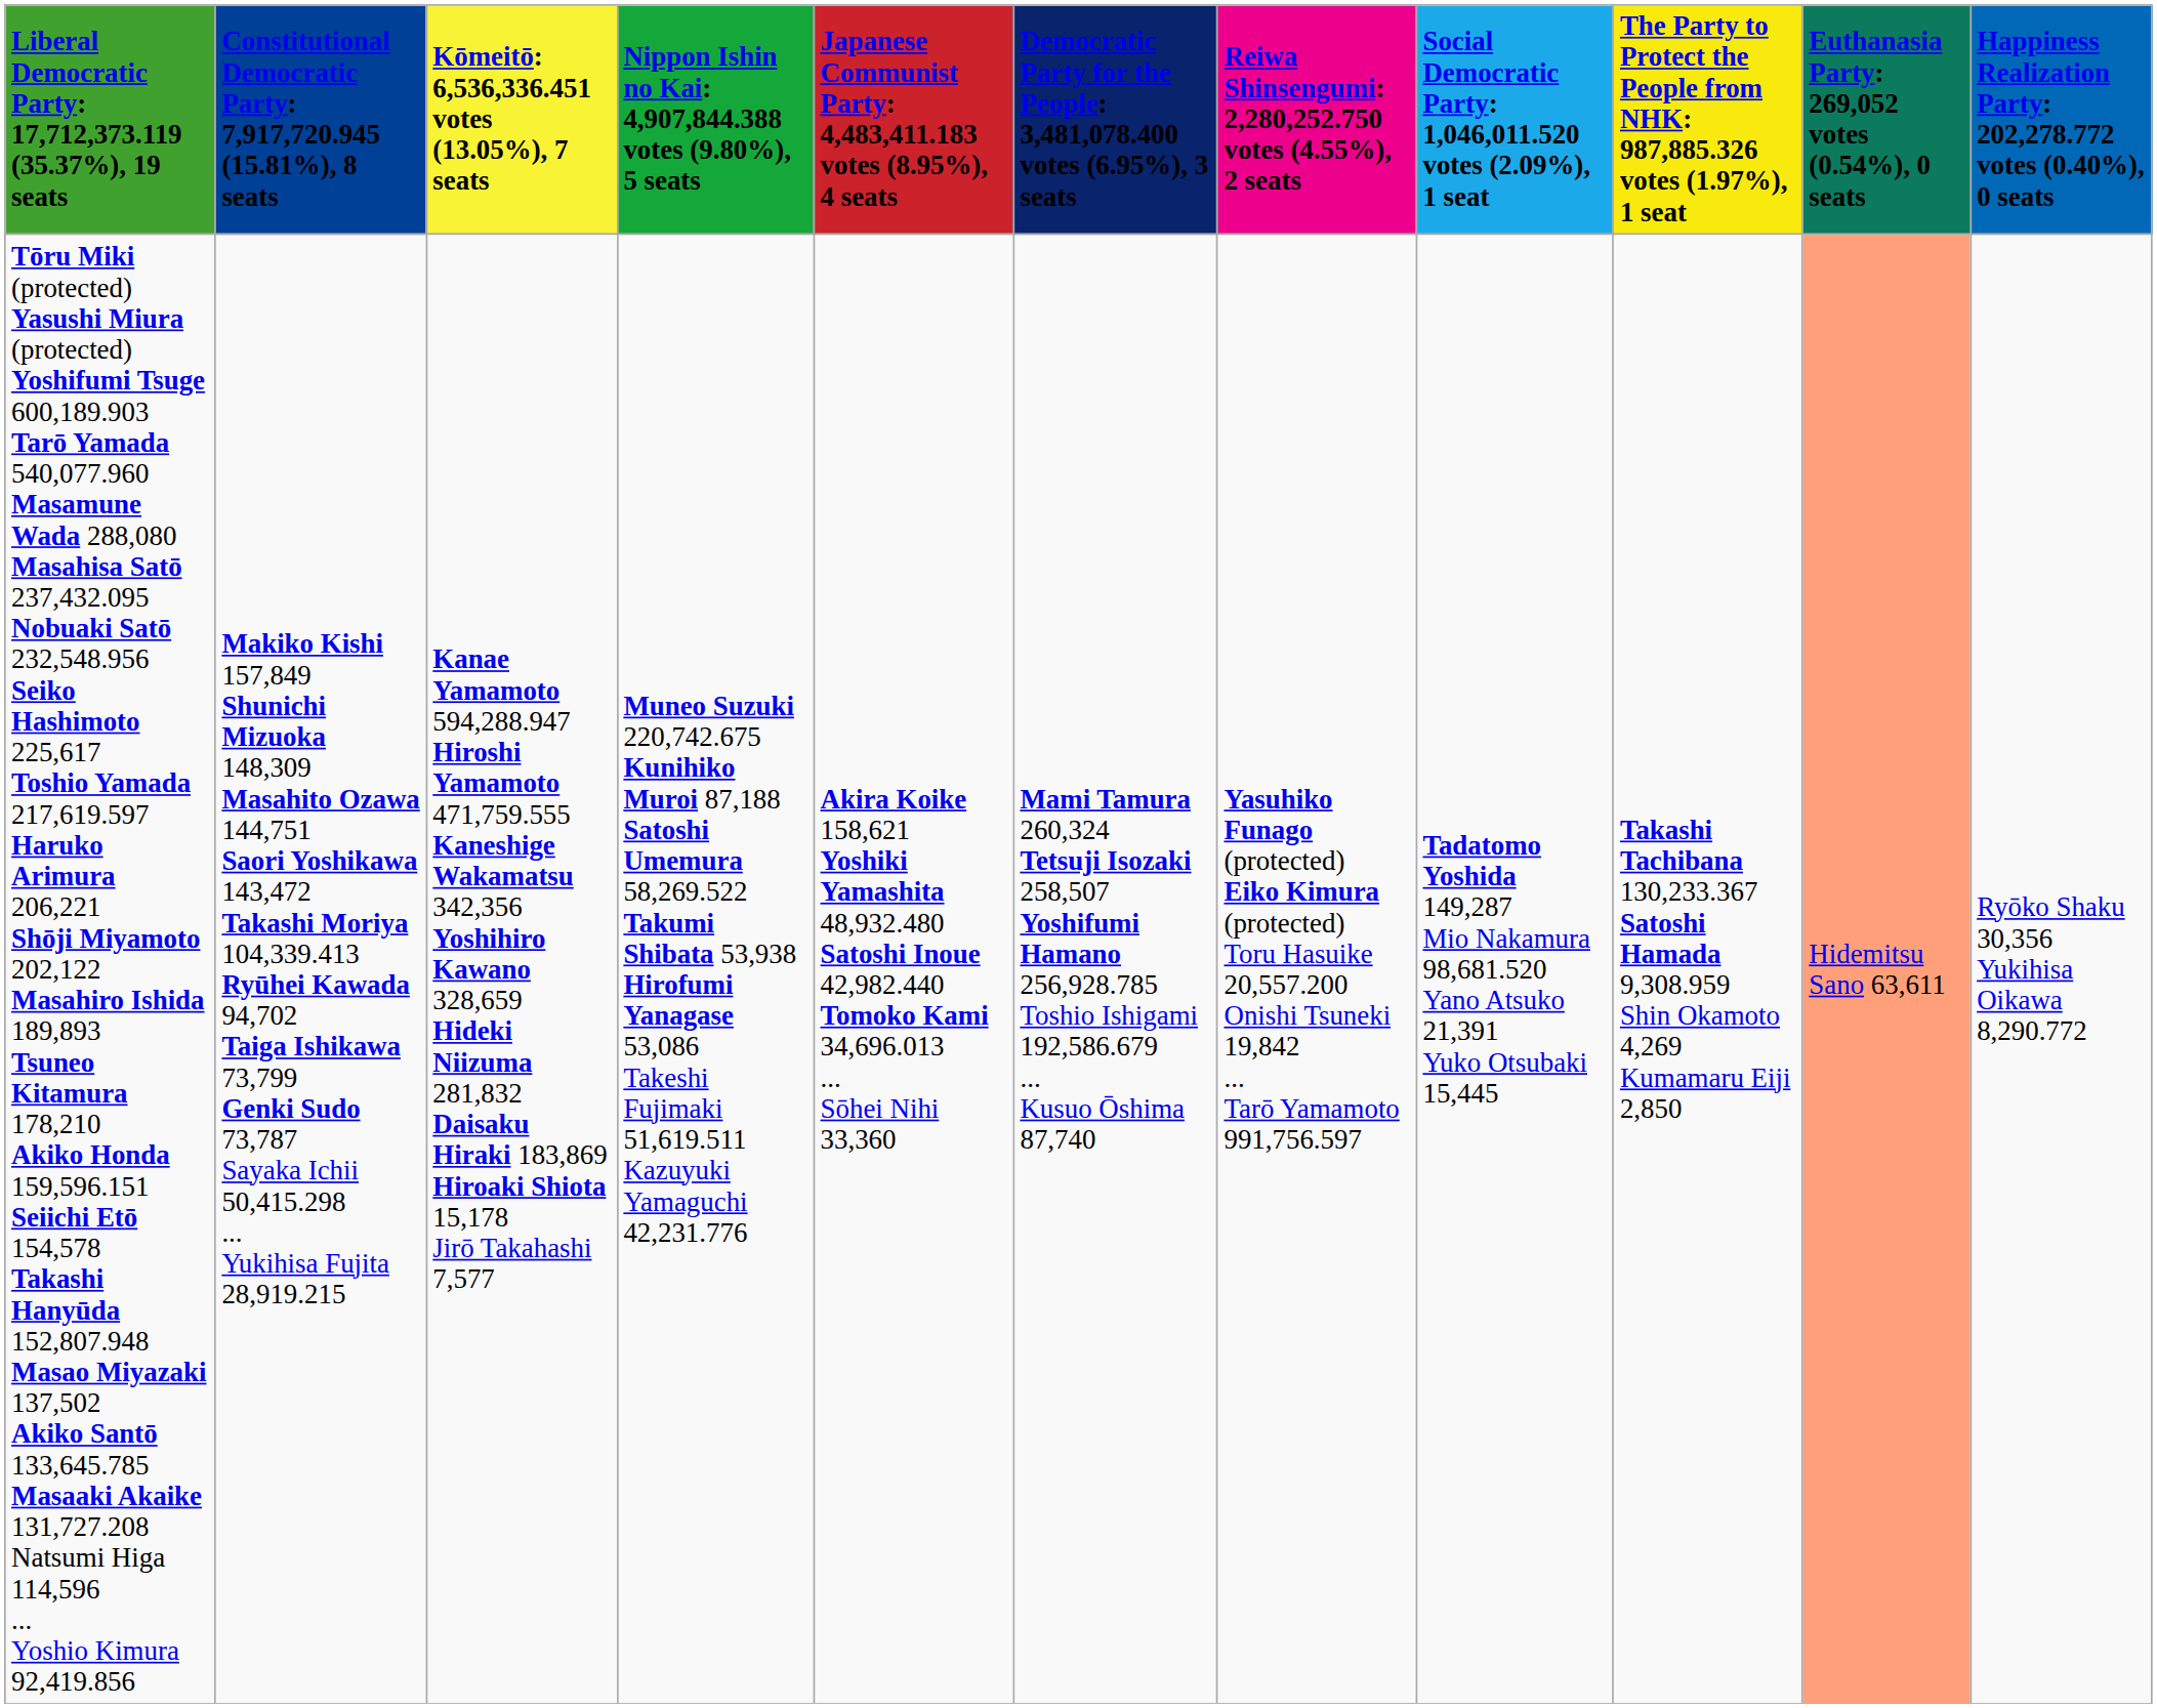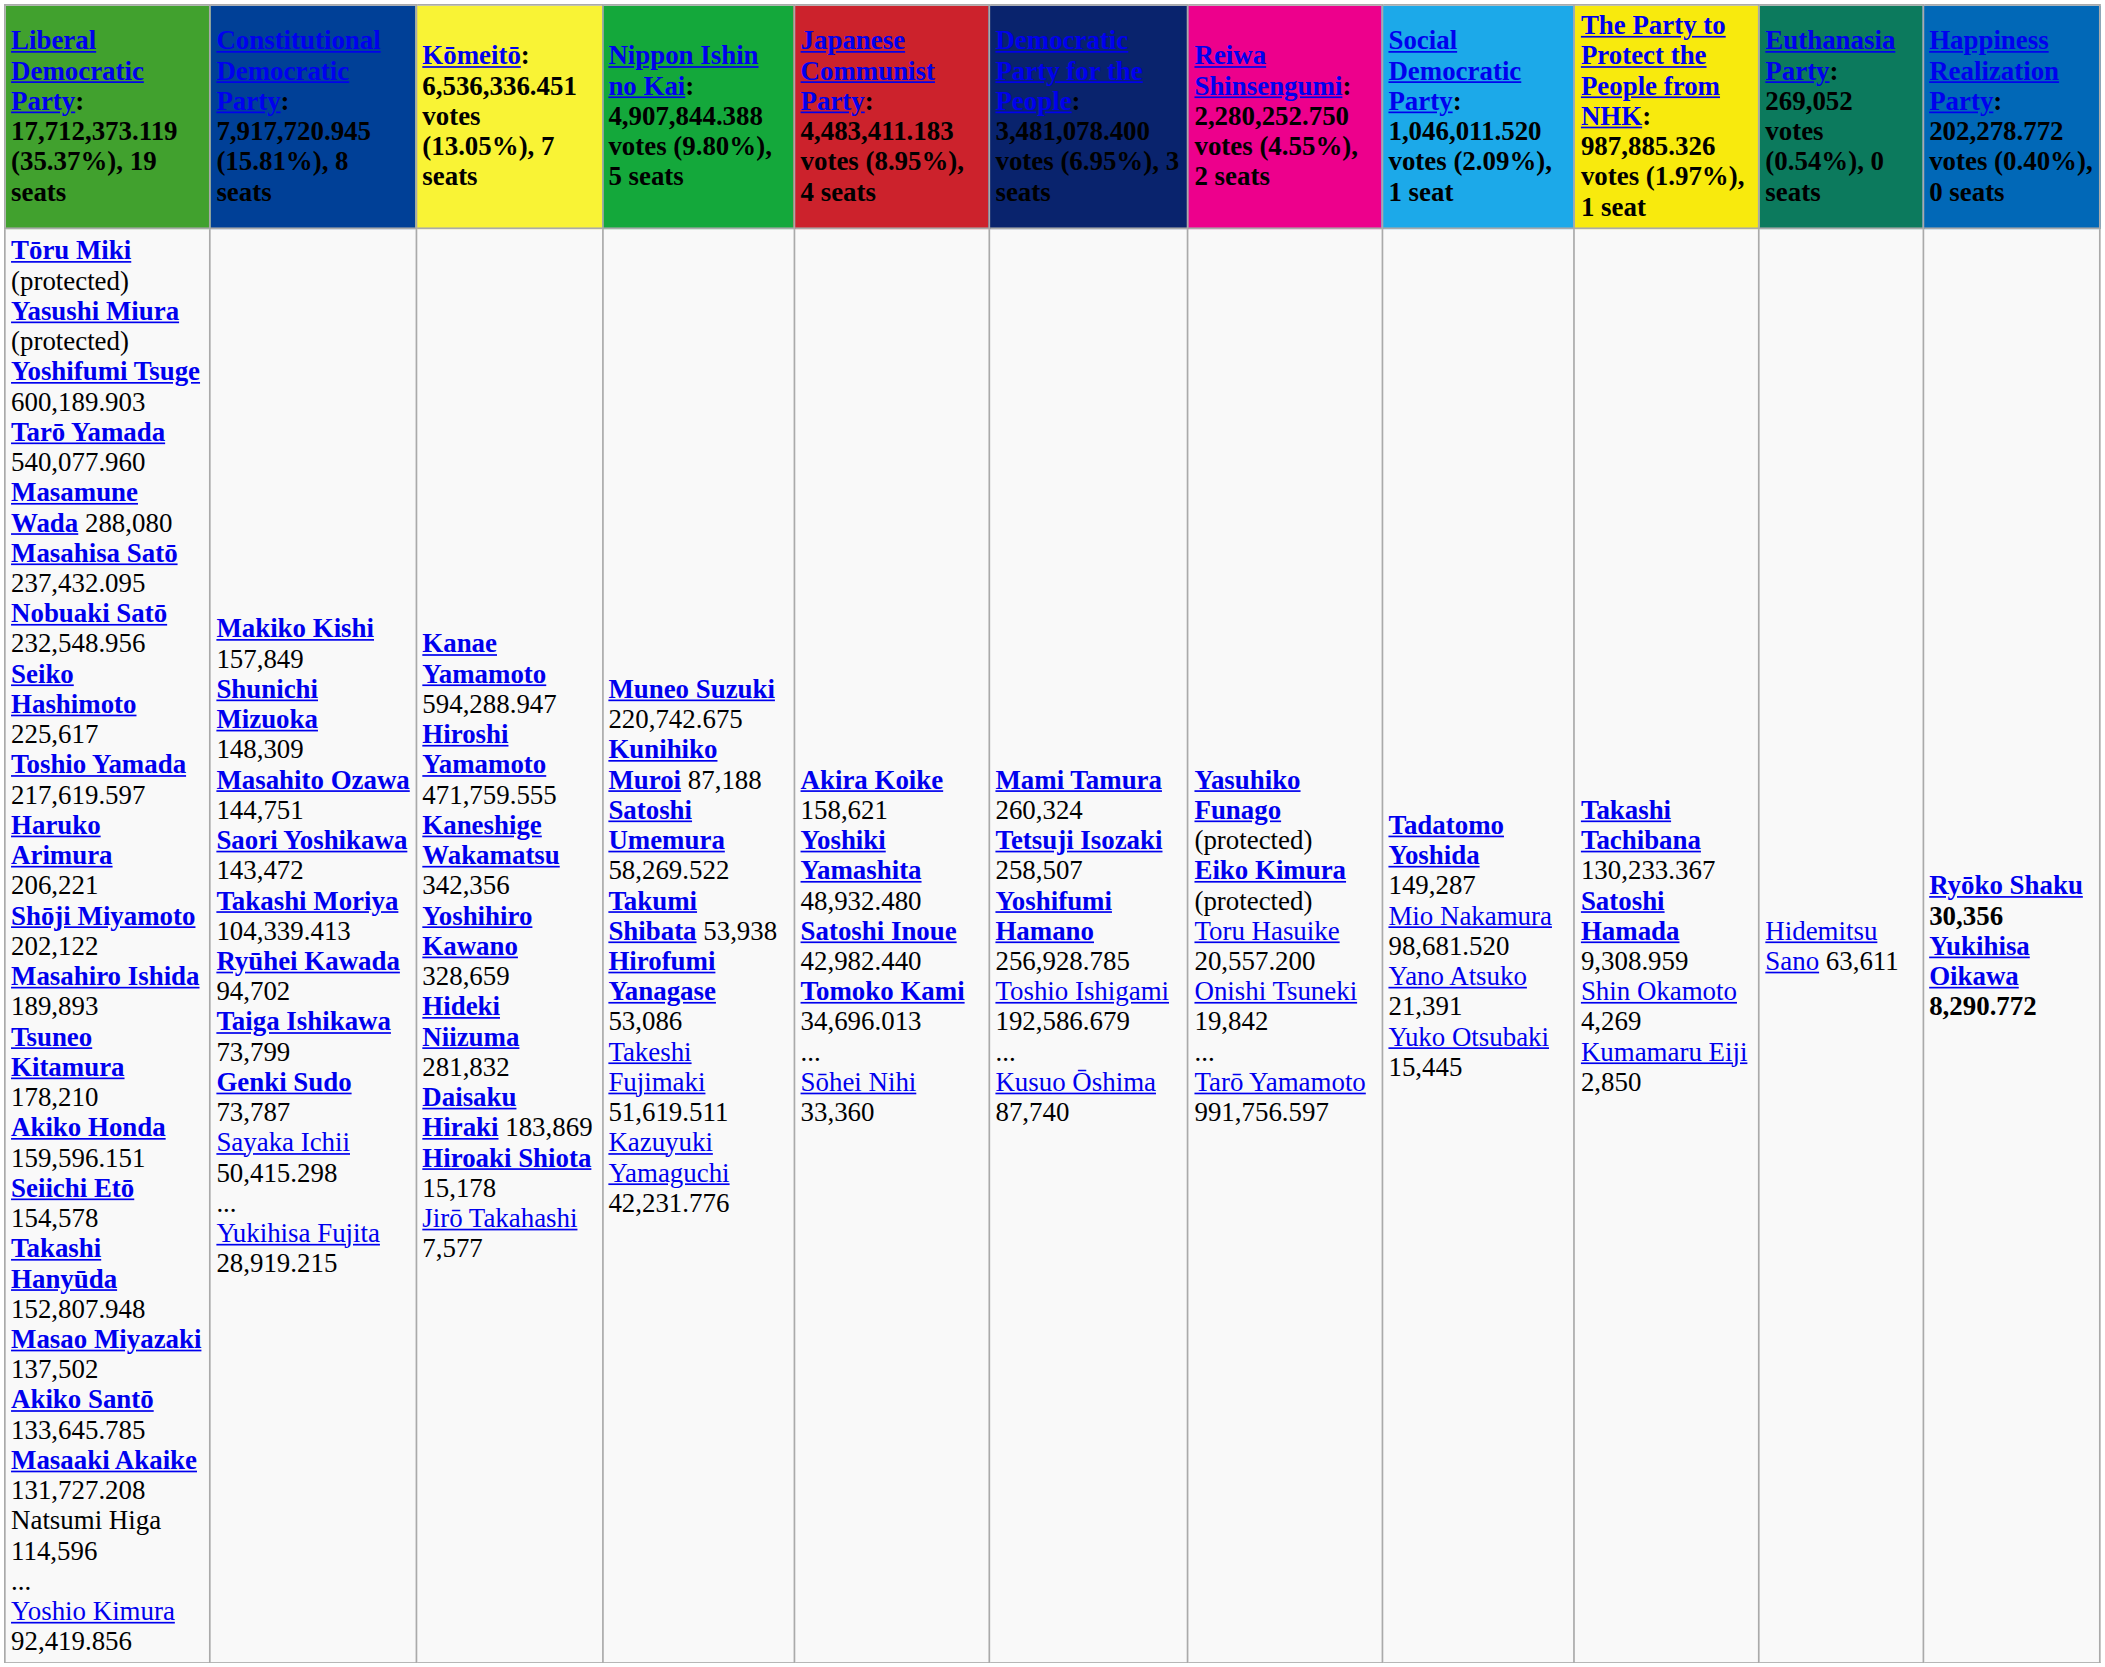 <table class="wikitable">
 <tr>
 <td colspan="1" bgcolor="#41A12E"><strong><a href='#'>Liberal Democratic Party</a>: 17,712,373.119 (35.37%), 19 seats</strong></td>
 <td colspan="1" bgcolor="#004097"><strong><a href='#'>Constitutional Democratic Party</a>: 7,917,720.945 (15.81%), 8 seats</strong></td>
 <td colspan="1" bgcolor="#F9F335"><strong><a href='#'>Kōmeitō</a>: 6,536,336.451 votes (13.05%), 7 seats</strong></td>
 <td colspan="1" bgcolor="#14A83B"><strong><a href='#'>Nippon Ishin no Kai</a>: 4,907,844.388 votes (9.80%), 5 seats</strong></td>
 <td colspan="1" bgcolor="#CC222C"><strong><a href='#'>Japanese Communist Party</a>: 4,483,411.183 votes (8.95%), 4 seats</strong></td>
 <td colspan="1" bgcolor="#09236D"><strong><a href='#'>Democratic Party for the People</a>: 3,481,078.400 votes (6.95%), 3 seats</strong></td>
 <td colspan="1" bgcolor="#ED008C"><strong><a href='#'>Reiwa Shinsengumi</a>: 2,280,252.750 votes (4.55%), 2 seats</strong></td>
 <td colspan="1" bgcolor="#1CA9E9"><strong><a href='#'>Social Democratic Party</a>: 1,046,011.520 votes (2.09%), 1 seat</strong></td>
 <td colspan="1" bgcolor="#F8EA0D"><strong><a href='#'>The Party to Protect the People from NHK</a>: 987,885.326 votes (1.97%), 1 seat</strong></td>
 <td colspan="1" bgcolor="#0C7A5D"><strong><a href='#'>Euthanasia Party</a>: 269,052 votes (0.54%), 0 seats</strong></td>
 <td colspan="1" bgcolor="#0168B7"><strong><a href='#'>Happiness Realization Party</a>: 202,278.772 votes (0.40%), 0 seats</strong></td>
 </tr>
 <tr>
 <td><strong><a href='#'>Tōru Miki</a></strong> (protected)<br><strong><a href='#'>Yasushi Miura</a></strong> (protected)<br><strong><a href='#'>Yoshifumi Tsuge</a></strong> 600,189.903<br><strong><a href='#'>Tarō Yamada</a></strong> 540,077.960<br><strong><a href='#'>Masamune Wada</a></strong> 288,080<br><strong><a href='#'>Masahisa Satō</a></strong> 237,432.095<br><strong><a href='#'>Nobuaki Satō</a></strong> 232,548.956<br><strong><a href='#'>Seiko Hashimoto</a></strong> 225,617<br><strong><a href='#'>Toshio Yamada</a></strong> 217,619.597<br><strong><a href='#'>Haruko Arimura</a></strong> 206,221<br><strong><a href='#'>Shōji Miyamoto</a></strong> 202,122<br><strong><a href='#'>Masahiro Ishida</a></strong> 189,893<br><strong><a href='#'>Tsuneo Kitamura</a></strong> 178,210<br><strong><a href='#'>Akiko Honda</a></strong> 159,596.151<br><strong><a href='#'>Seiichi Etō</a></strong> 154,578<br><strong><a href='#'>Takashi Hanyūda</a></strong> 152,807.948<br><strong><a href='#'>Masao Miyazaki</a></strong> 137,502<br><strong><a href='#'>Akiko Santō</a></strong> 133,645.785<br><strong><a href='#'>Masaaki Akaike</a></strong> 131,727.208<br>Natsumi Higa 114,596<br>...<br><a href='#'>Yoshio Kimura</a> 92,419.856</td>
 <td><strong><a href='#'>Makiko Kishi</a></strong> 157,849<br><strong><a href='#'>Shunichi Mizuoka</a></strong> 148,309<br><strong><a href='#'>Masahito Ozawa</a></strong> 144,751<br><strong><a href='#'>Saori Yoshikawa</a></strong> 143,472<br><strong><a href='#'>Takashi Moriya</a></strong> 104,339.413<br><strong><a href='#'>Ryūhei Kawada</a></strong> 94,702<br><strong><a href='#'>Taiga Ishikawa</a></strong> 73,799<br><strong><a href='#'>Genki Sudo</a></strong> 73,787<br><a href='#'>Sayaka Ichii</a> 50,415.298<br>...<br><a href='#'>Yukihisa Fujita</a>	28,919.215</td>
 <td><strong><a href='#'>Kanae Yamamoto</a></strong> 594,288.947<br><strong><a href='#'>Hiroshi Yamamoto</a></strong> 471,759.555<br><strong><a href='#'>Kaneshige Wakamatsu</a></strong> 342,356<br><strong><a href='#'>Yoshihiro Kawano</a></strong> 328,659<br><strong><a href='#'>Hideki Niizuma</a></strong> 281,832<br><strong><a href='#'>Daisaku Hiraki</a></strong> 183,869<br><strong><a href='#'>Hiroaki Shiota</a></strong> 15,178<br><a href='#'>Jirō Takahashi</a> 7,577</td>
 <td><strong><a href='#'>Muneo Suzuki</a></strong> 220,742.675<br><strong><a href='#'>Kunihiko Muroi</a></strong> 87,188<br><strong><a href='#'>Satoshi Umemura</a></strong> 58,269.522<br><strong><a href='#'>Takumi Shibata</a></strong> 53,938<br><strong><a href='#'>Hirofumi Yanagase</a></strong> 53,086<br><a href='#'>Takeshi Fujimaki</a> 51,619.511<br><a href='#'>Kazuyuki Yamaguchi</a> 42,231.776</td>
 <td><strong><a href='#'>Akira Koike</a></strong> 158,621<br><strong><a href='#'>Yoshiki Yamashita</a></strong> 48,932.480<br><strong><a href='#'>Satoshi Inoue</a></strong> 42,982.440<br><strong><a href='#'>Tomoko Kami</a></strong> 34,696.013<br>...<br><a href='#'>Sōhei Nihi</a> 33,360</td>
 <td><strong><a href='#'>Mami Tamura</a></strong> 260,324<br><strong><a href='#'>Tetsuji Isozaki</a></strong> 258,507<br><strong><a href='#'>Yoshifumi Hamano</a></strong> 256,928.785<br><a href='#'>Toshio Ishigami</a> 192,586.679<br>...<br><a href='#'>Kusuo Ōshima</a> 87,740</td>
 <td><strong><a href='#'>Yasuhiko Funago</a></strong> (protected)<br><strong><a href='#'>Eiko Kimura</a></strong> (protected)<br><a href='#'>Toru Hasuike</a> 20,557.200<br><a href='#'>Onishi Tsuneki</a> 19,842<br>...<br><a href='#'>Tarō Yamamoto </a> 991,756.597</td>
 <td><strong><a href='#'>Tadatomo Yoshida</a></strong> 149,287<br><a href='#'>Mio Nakamura</a> 98,681.520<br><a href='#'>Yano Atsuko</a> 21,391<br><a href='#'>Yuko Otsubaki</a> 15,445</td>
 <td><strong><a href='#'>Takashi Tachibana</a></strong> 130,233.367<br><strong><a href='#'>Satoshi Hamada</a></strong> 9,308.959<br><a href='#'>Shin Okamoto</a> 4,269<br><a href='#'>Kumamaru Eiji</a> 2,850</td>
-<td style="background: lightsalmon;"><a href='#'>Hidemitsu Sano</a> 63,611</td>
-<td><a href='#'>Ryōko Shaku</a> 30,356<br><a href='#'>Yukihisa Oikawa</a> 8,290.772</td>
+<td><a href='#'>Hidemitsu Sano</a> 63,611</td>
+<td><strong><a href='#'>Ryōko Shaku</a> 30,356<br><a href='#'>Yukihisa Oikawa</a> 8,290.772</strong></td>
 </tr>
 </table>
